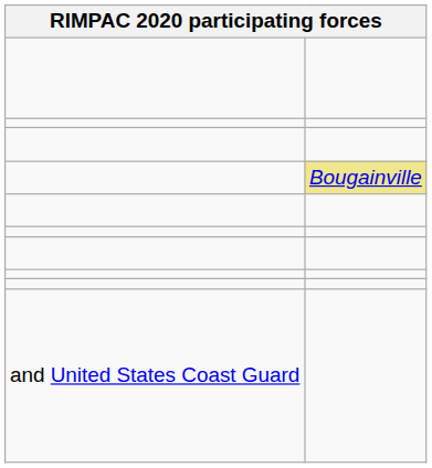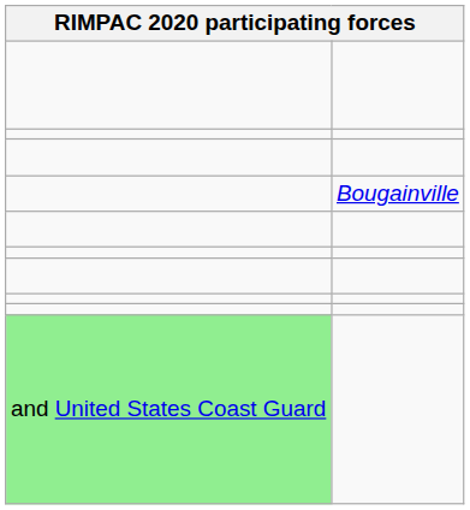 <table class="wikitable collapsible collapsed">
 <tr>
 <th colspan=2>RIMPAC 2020 participating forces</th>
 </tr>
 <tr>
 <td></td>
 <td><br><br><br></td>
 </tr>
 <tr>
 <td></td>
 <td></td>
 </tr>
 <tr>
 <td></td>
 <td><br></td>
 </tr>
 <tr>
 <td></td>
-<td style="background: khaki;"><a href='#'><em>Bougainville</em></a></td>
+<td><a href='#'><em>Bougainville</em></a></td>
 </tr>
 <tr>
 <td></td>
 <td><br></td>
 </tr>
 <tr>
 <td></td>
 <td></td>
 </tr>
 <tr>
 <td></td>
 <td><br></td>
 </tr>
 <tr>
 <td></td>
 <td></td>
 </tr>
 <tr>
 <td></td>
 <td></td>
 </tr>
 <tr>
-<td> and <a href='#'>United States Coast Guard</a></td>
+<td style="background: lightgreen;"> and <a href='#'>United States Coast Guard</a></td>
 <td><br><br><br><br><br><br><br></td>
 </tr>
 </table>
